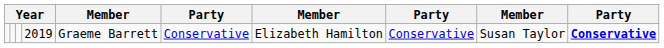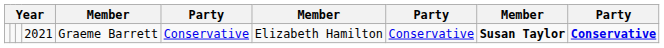 <table class="wikitable">
 <tr>
 <th colspan="4">Year</th>
 <th>Member</th>
 <th>Party</th>
 <th>Member</th>
 <th>Party</th>
 <th>Member</th>
 <th>Party</th>
 </tr>
 <tr>
 <td style="background-color: "></td>
 <td style="background-color: "></td>
 <td style="background-color: "></td>
-<td>2019</td>
+<td>2021</td>
 <td>Graeme Barrett</td>
 <td><a href='#'>Conservative</a></td>
 <td>Elizabeth Hamilton</td>
 <td><a href='#'>Conservative</a></td>
-<td>Susan Taylor</td>
+<td><strong>Susan Taylor</strong></td>
 <td><strong><a href='#'>Conservative</a></strong></td>
 </tr>
 </table>
